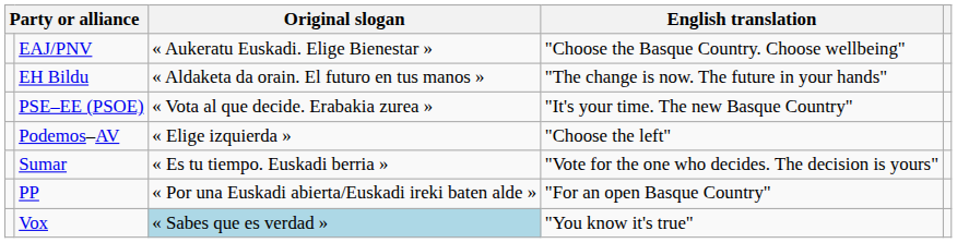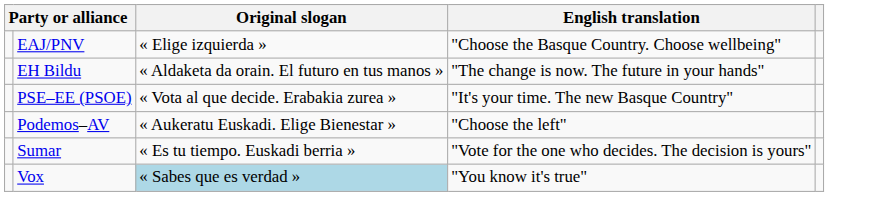 <table class="wikitable" style="text-align:left;">
 <tr>
 <th style="text-align:left;" colspan="2">Party or alliance</th>
 <th>Original slogan</th>
 <th>English translation</th>
 <th></th>
 </tr>
 <tr>
 <td width="1" style="color:inherit;background:"></td>
 <td><a href='#'>EAJ/PNV</a></td>
-<td>« Aukeratu Euskadi. Elige Bienestar »</td>
+<td>« Elige izquierda »</td>
 <td>"Choose the Basque Country. Choose wellbeing"</td>
 <td></td>
 </tr>
 <tr>
 <td style="color:inherit;background:"></td>
 <td><a href='#'>EH Bildu</a></td>
 <td>« Aldaketa da orain. El futuro en tus manos »</td>
 <td>"The change is now. The future in your hands"</td>
 <td></td>
 </tr>
 <tr>
 <td style="color:inherit;background:"></td>
 <td><a href='#'>PSE–EE (PSOE)</a></td>
 <td>« Vota al que decide. Erabakia zurea »</td>
 <td>"It's your time. The new Basque Country"</td>
 <td></td>
 </tr>
 <tr>
 <td style="color:inherit;background:"></td>
 <td><a href='#'>Podemos</a>–<a href='#'>AV</a></td>
-<td>« Elige izquierda »</td>
+<td>« Aukeratu Euskadi. Elige Bienestar »</td>
 <td>"Choose the left"</td>
 <td></td>
 </tr>
 <tr>
 <td style="color:inherit;background:"></td>
 <td><a href='#'>Sumar</a></td>
 <td>« Es tu tiempo. Euskadi berria »</td>
 <td>"Vote for the one who decides. The decision is yours"</td>
 <td></td>
 </tr>
 <tr>
 <td style="color:inherit;background:"></td>
-<td><a href='#'>PP</a></td>
-<td>« Por una Euskadi abierta/Euskadi ireki baten alde »</td>
-<td>"For an open Basque Country"</td>
-<td></td>
-</tr>
-<tr>
-<td style="color:inherit;background:"></td>
 <td><a href='#'>Vox</a></td>
 <td style="background: lightblue;">« Sabes que es verdad »</td>
 <td>"You know it's true"</td>
 <td></td>
 </tr>
 </table>
